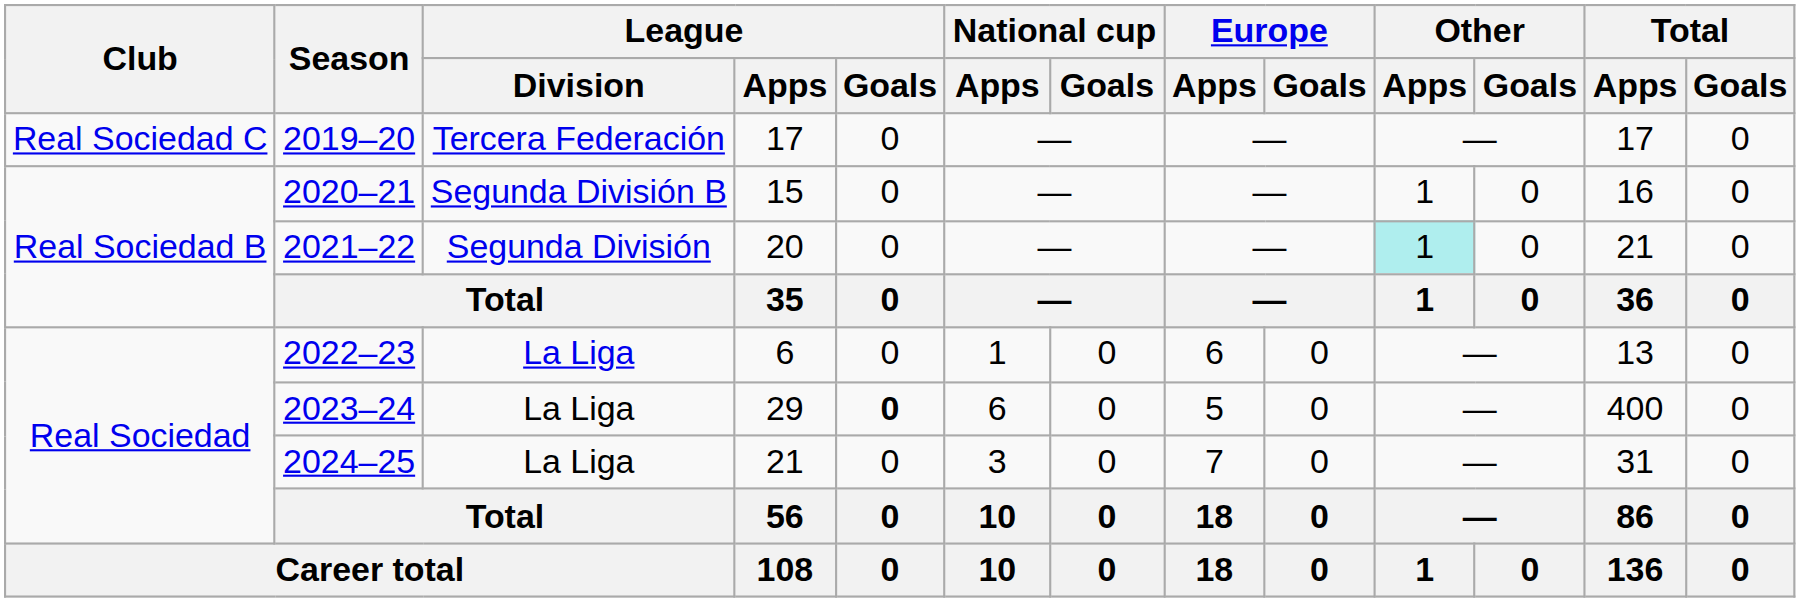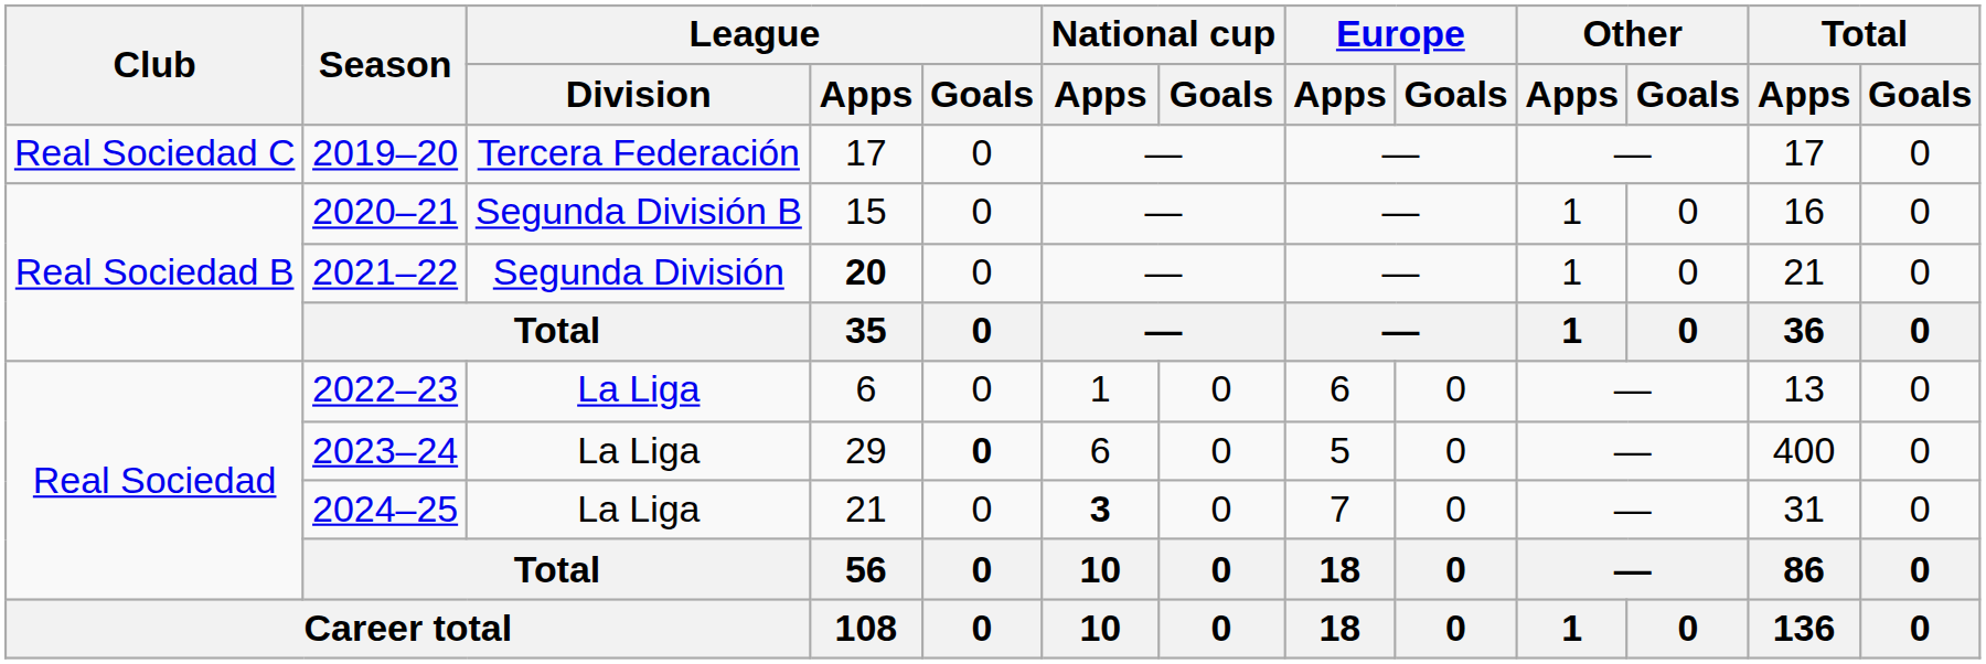 <table class="wikitable" style="text-align:center">
 <tr>
 <th rowspan="2">Club</th>
 <th rowspan="2">Season</th>
 <th colspan="3">League</th>
 <th colspan="2">National cup</th>
 <th colspan="2"><a href='#'>Europe</a></th>
 <th colspan="2">Other</th>
 <th colspan="2">Total</th>
 </tr>
 <tr>
 <th>Division</th>
 <th>Apps</th>
 <th>Goals</th>
 <th>Apps</th>
 <th>Goals</th>
 <th>Apps</th>
 <th>Goals</th>
 <th>Apps</th>
 <th>Goals</th>
 <th>Apps</th>
 <th>Goals</th>
 </tr>
 <tr>
 <td><a href='#'>Real Sociedad C</a></td>
 <td><a href='#'>2019–20</a></td>
 <td><a href='#'>Tercera Federación</a></td>
 <td>17</td>
 <td>0</td>
 <td colspan="2">—</td>
 <td colspan="2">—</td>
 <td colspan="2">—</td>
 <td>17</td>
 <td>0</td>
 </tr>
 <tr>
 <td rowspan="3"><a href='#'>Real Sociedad B</a></td>
 <td><a href='#'>2020–21</a></td>
 <td><a href='#'>Segunda División B</a></td>
 <td>15</td>
 <td>0</td>
 <td colspan="2">—</td>
 <td colspan="2">—</td>
 <td>1</td>
 <td>0</td>
 <td>16</td>
 <td>0</td>
 </tr>
 <tr>
 <td><a href='#'>2021–22</a></td>
 <td><a href='#'>Segunda División</a></td>
-<td>20</td>
+<td><strong>20</strong></td>
 <td>0</td>
 <td colspan="2">—</td>
 <td colspan="2">—</td>
-<td style="background: paleturquoise;">1</td>
+<td>1</td>
 <td>0</td>
 <td>21</td>
 <td>0</td>
 </tr>
 <tr>
 <th colspan="2">Total</th>
 <th>35</th>
 <th>0</th>
 <th colspan="2">—</th>
 <th colspan="2">—</th>
 <th>1</th>
 <th>0</th>
 <th>36</th>
 <th>0</th>
 </tr>
 <tr>
 <td rowspan="4"><a href='#'>Real Sociedad</a></td>
 <td><a href='#'>2022–23</a></td>
 <td><a href='#'>La Liga</a></td>
 <td>6</td>
 <td>0</td>
 <td>1</td>
 <td>0</td>
 <td>6</td>
 <td>0</td>
 <td colspan="2">—</td>
 <td>13</td>
 <td>0</td>
 </tr>
 <tr>
 <td><a href='#'>2023–24</a></td>
 <td>La Liga</td>
 <td>29</td>
 <td><strong>0</strong></td>
 <td>6</td>
 <td>0</td>
 <td>5</td>
 <td>0</td>
 <td colspan="2">—</td>
 <td>400</td>
 <td>0</td>
 </tr>
 <tr>
 <td><a href='#'>2024–25</a></td>
 <td>La Liga</td>
 <td>21</td>
 <td>0</td>
-<td>3</td>
+<td><strong>3</strong></td>
 <td>0</td>
 <td>7</td>
 <td>0</td>
 <td colspan="2">—</td>
 <td>31</td>
 <td>0</td>
 </tr>
 <tr>
 <th colspan="2">Total</th>
 <th>56</th>
 <th>0</th>
 <th>10</th>
 <th>0</th>
 <th>18</th>
 <th>0</th>
 <th colspan="2">—</th>
 <th>86</th>
 <th>0</th>
 </tr>
 <tr>
 <th colspan="3">Career total</th>
 <th>108</th>
 <th>0</th>
 <th>10</th>
 <th>0</th>
 <th>18</th>
 <th>0</th>
 <th>1</th>
 <th>0</th>
 <th>136</th>
 <th>0</th>
 </tr>
 </table>
